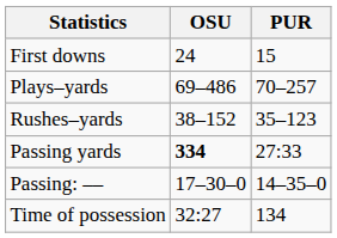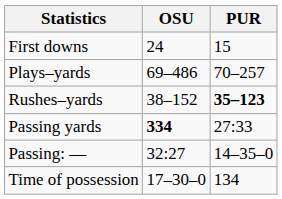 <table class="wikitable" style="float:left">
 <tr>
 <th>Statistics</th>
 <th>OSU</th>
 <th>PUR</th>
 </tr>
 <tr>
 <td>First downs</td>
 <td>24</td>
 <td>15</td>
 </tr>
 <tr>
 <td>Plays–yards</td>
 <td>69–486</td>
 <td>70–257</td>
 </tr>
 <tr>
 <td>Rushes–yards</td>
 <td>38–152</td>
-<td>35–123</td>
+<td><strong>35–123</strong></td>
 </tr>
 <tr>
 <td>Passing yards</td>
 <td><strong>334</strong></td>
 <td>27:33</td>
 </tr>
 <tr>
 <td>Passing: ––</td>
-<td>17–30–0</td>
+<td>32:27</td>
 <td>14–35–0</td>
 </tr>
 <tr>
 <td>Time of possession</td>
-<td>32:27</td>
+<td>17–30–0</td>
 <td>134</td>
 </tr>
 </table>
